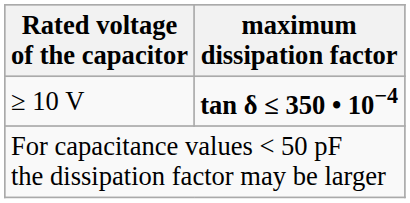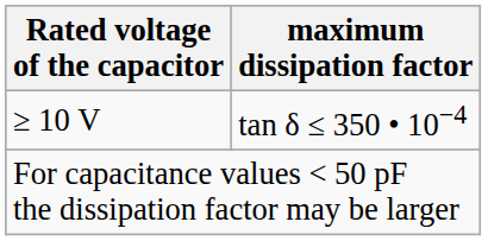 <table class="wikitable float-right">
 <tr class="hintergrundfarbe6">
 <th>Rated voltage<br>of the capacitor</th>
 <th>maximum<br>dissipation factor</th>
 </tr>
 <tr>
 <td>≥ 10 V</td>
-<td><strong>tan δ ≤ 350 • 10<sup>−4</sup></strong></td>
+<td>tan δ ≤ 350 • 10<sup>−4</sup></td>
 </tr>
 <tr>
 <td colspan="2">For capacitance values < 50 pF<br>the dissipation factor may be larger</td>
 </tr>
 </table>
